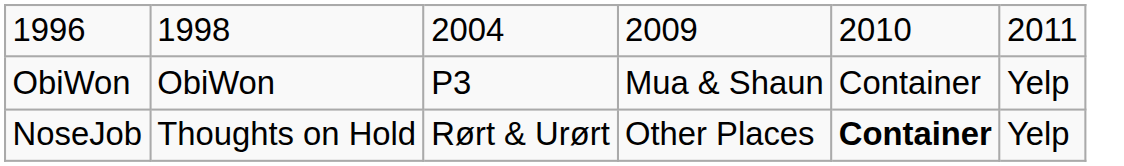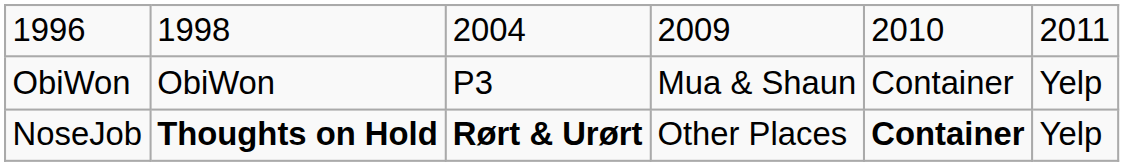 <table class="wikitable">
 <tr>
 <td>1996</td>
 <td>1998</td>
 <td>2004</td>
 <td>2009</td>
 <td>2010</td>
 <td>2011</td>
 </tr>
 <tr>
 <td>ObiWon</td>
 <td>ObiWon</td>
 <td>P3</td>
 <td>Mua & Shaun</td>
 <td>Container</td>
 <td>Yelp</td>
 </tr>
 <tr>
 <td>NoseJob</td>
-<td>Thoughts on Hold</td>
-<td>Rørt & Urørt</td>
+<td><strong>Thoughts on Hold</strong></td>
+<td><strong>Rørt & Urørt</strong></td>
 <td>Other Places</td>
 <td><strong>Container</strong></td>
 <td>Yelp</td>
 </tr>
 </table>
